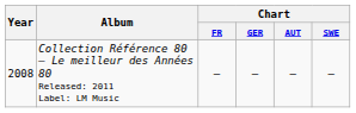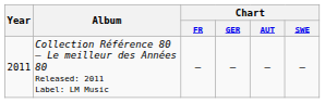 <table class="wikitable">
 <tr>
 <th style="text-align:center;" rowspan="2">Year</th>
 <th rowspan="2" style="text-align:center; width:190px;">Album</th>
 <th style="text-align:center;" colspan="4">Chart</th>
 </tr>
 <tr>
 <th width="40"><small><a href='#'>FR</a></small></th>
 <th width="40"><small><a href='#'>GER</a></small></th>
 <th width="40"><small><a href='#'>AUT</a></small></th>
 <th width="40"><small><a href='#'>SWE</a></small></th>
 </tr>
 <tr>
-<td style="text-align:center;">2008</td>
+<td style="text-align:center;">2011</td>
 <td><em>Collection Référence 80 – Le meilleur des Années 80</em> <br><small>Released: 2011 <br> Label: LM Music</small></td>
 <td style="text-align:center;">—</td>
 <td style="text-align:center;">—</td>
 <td style="text-align:center;">—</td>
 <td style="text-align:center;">—</td>
 </tr>
 </table>
